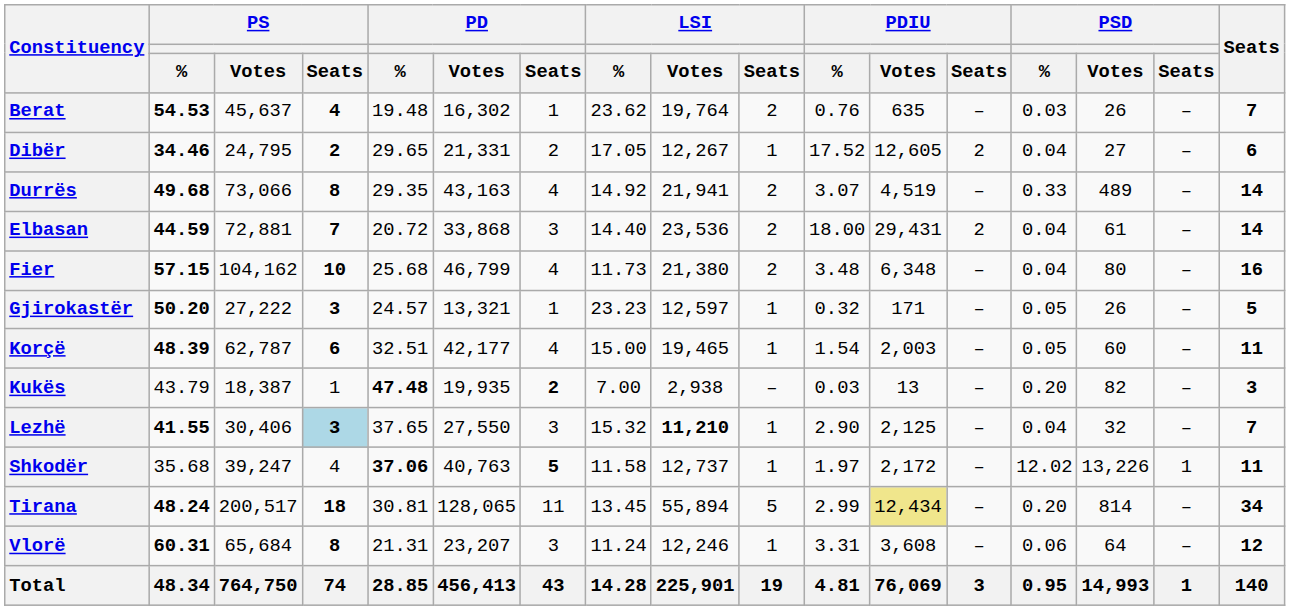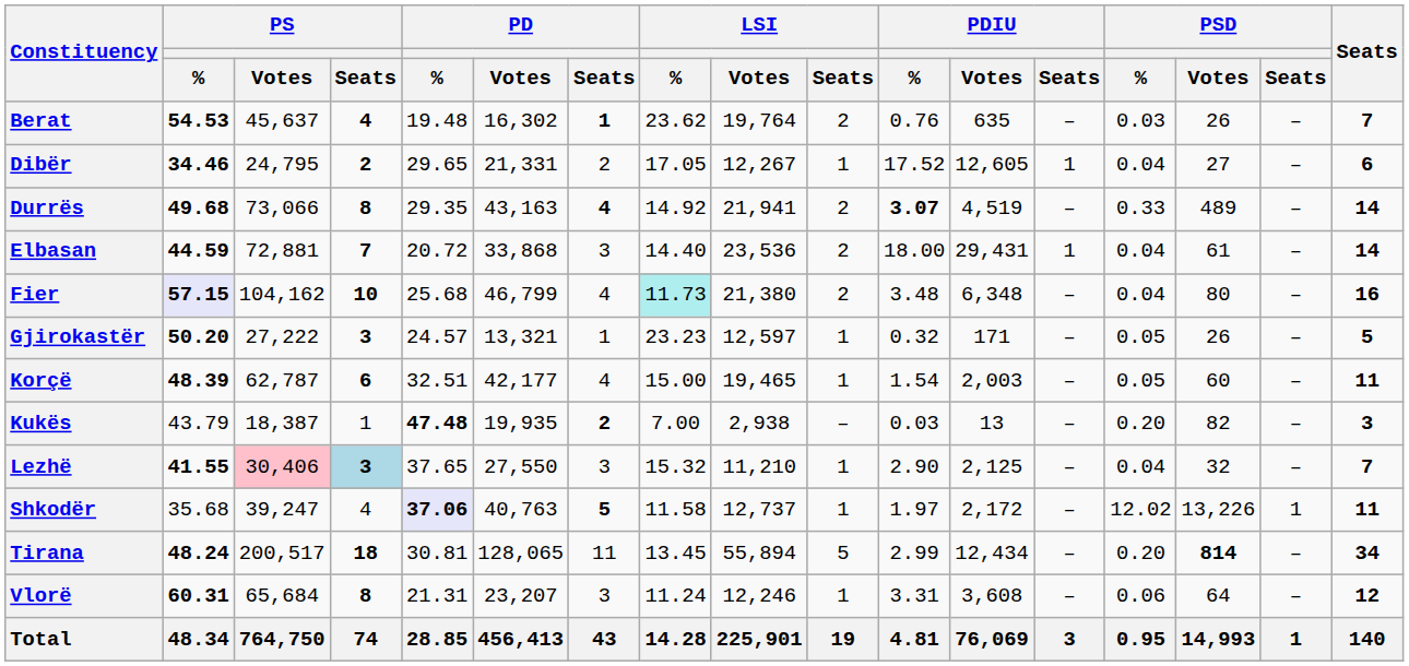 <table class="wikitable sortable" style="text-align:center; font-size:95%; line-height:20px">
 <tr>
 <th rowspan="3"><a href='#'>Constituency</a></th>
 <th colspan="3" width="30px" class="unsortable"><a href='#'>PS</a></th>
 <th colspan="3" width="30px" class="unsortable"><a href='#'>PD</a></th>
 <th colspan="3" width="30px" class="unsortable"><a href='#'>LSI</a></th>
 <th colspan="3" width="30px" class="unsortable"><a href='#'>PDIU</a></th>
 <th colspan="3" width="30px" class="unsortable"><a href='#'>PSD</a></th>
 <th rowspan="3">Seats</th>
 </tr>
 <tr>
 <th colspan="3" style="background:"></th>
 <th colspan="3" style="background:"></th>
 <th colspan="3" style="background:"></th>
 <th colspan="3" style="background:"></th>
 <th colspan="3" style="background:"></th>
 </tr>
 <tr>
 <th data-sort-type="number">%</th>
 <th data-sort-type="number">Votes</th>
 <th data-sort-type="number">Seats</th>
 <th data-sort-type="number">%</th>
 <th data-sort-type="number">Votes</th>
 <th data-sort-type="number">Seats</th>
 <th data-sort-type="number">%</th>
 <th data-sort-type="number">Votes</th>
 <th data-sort-type="number">Seats</th>
 <th data-sort-type="number">%</th>
 <th data-sort-type="number">Votes</th>
 <th data-sort-type="number">Seats</th>
 <th data-sort-type="number">%</th>
 <th data-sort-type="number">Votes</th>
 <th data-sort-type="number">Seats</th>
 </tr>
 <tr>
 <th style="text-align: left;"><a href='#'>Berat</a></th>
 <td><strong>54.53</strong></td>
 <td>45,637</td>
 <td><strong>4</strong></td>
 <td>19.48</td>
 <td>16,302</td>
-<td>1</td>
+<td><strong>1</strong></td>
 <td>23.62</td>
 <td>19,764</td>
 <td>2</td>
 <td>0.76</td>
 <td>635</td>
 <td>–</td>
 <td>0.03</td>
 <td>26</td>
 <td>–</td>
 <td><strong>7</strong></td>
 </tr>
 <tr>
 <th style="text-align: left;"><a href='#'>Dibër</a></th>
 <td><strong>34.46</strong></td>
 <td>24,795</td>
 <td><strong>2</strong></td>
 <td>29.65</td>
 <td>21,331</td>
 <td>2</td>
 <td>17.05</td>
 <td>12,267</td>
 <td>1</td>
 <td>17.52</td>
 <td>12,605</td>
-<td>2</td>
+<td>1</td>
 <td>0.04</td>
 <td>27</td>
 <td>–</td>
 <td><strong>6</strong></td>
 </tr>
 <tr>
 <th style="text-align: left;"><a href='#'>Durrës</a></th>
 <td><strong>49.68</strong></td>
 <td>73,066</td>
 <td><strong>8</strong></td>
 <td>29.35</td>
 <td>43,163</td>
-<td>4</td>
+<td><strong>4</strong></td>
 <td>14.92</td>
 <td>21,941</td>
 <td>2</td>
-<td>3.07</td>
+<td><strong>3.07</strong></td>
 <td>4,519</td>
 <td>–</td>
 <td>0.33</td>
 <td>489</td>
 <td>–</td>
 <td><strong>14</strong></td>
 </tr>
 <tr>
 <th style="text-align: left;"><a href='#'>Elbasan</a></th>
 <td><strong>44.59</strong></td>
 <td>72,881</td>
 <td><strong>7</strong></td>
 <td>20.72</td>
 <td>33,868</td>
 <td>3</td>
 <td>14.40</td>
 <td>23,536</td>
 <td>2</td>
 <td>18.00</td>
 <td>29,431</td>
-<td>2</td>
+<td>1</td>
 <td>0.04</td>
 <td>61</td>
 <td>–</td>
 <td><strong>14</strong></td>
 </tr>
 <tr>
 <th style="text-align: left;"><a href='#'>Fier</a></th>
-<td><strong>57.15</strong></td>
+<td style="background: lavender;"><strong>57.15</strong></td>
 <td>104,162</td>
 <td><strong>10</strong></td>
 <td>25.68</td>
 <td>46,799</td>
 <td>4</td>
-<td>11.73</td>
+<td style="background: paleturquoise;">11.73</td>
 <td>21,380</td>
 <td>2</td>
 <td>3.48</td>
 <td>6,348</td>
 <td>–</td>
 <td>0.04</td>
 <td>80</td>
 <td>–</td>
 <td><strong>16</strong></td>
 </tr>
 <tr>
 <th style="text-align: left;"><a href='#'>Gjirokastër</a></th>
 <td><strong>50.20</strong></td>
 <td>27,222</td>
 <td><strong>3</strong></td>
 <td>24.57</td>
 <td>13,321</td>
 <td>1</td>
 <td>23.23</td>
 <td>12,597</td>
 <td>1</td>
 <td>0.32</td>
 <td>171</td>
 <td>–</td>
 <td>0.05</td>
 <td>26</td>
 <td>–</td>
 <td><strong>5</strong></td>
 </tr>
 <tr>
 <th style="text-align: left;"><a href='#'>Korçë</a></th>
 <td><strong>48.39</strong></td>
 <td>62,787</td>
 <td><strong>6</strong></td>
 <td>32.51</td>
 <td>42,177</td>
 <td>4</td>
 <td>15.00</td>
 <td>19,465</td>
 <td>1</td>
 <td>1.54</td>
 <td>2,003</td>
 <td>–</td>
 <td>0.05</td>
 <td>60</td>
 <td>–</td>
 <td><strong>11</strong></td>
 </tr>
 <tr>
 <th style="text-align: left;"><a href='#'>Kukës</a></th>
 <td>43.79</td>
 <td>18,387</td>
 <td>1</td>
 <td><strong>47.48</strong></td>
 <td>19,935</td>
 <td><strong>2</strong></td>
 <td>7.00</td>
 <td>2,938</td>
 <td>–</td>
 <td>0.03</td>
 <td>13</td>
 <td>–</td>
 <td>0.20</td>
 <td>82</td>
 <td>–</td>
 <td><strong>3</strong></td>
 </tr>
 <tr>
 <th style="text-align: left;"><a href='#'>Lezhë</a></th>
 <td><strong>41.55</strong></td>
-<td>30,406</td>
+<td style="background: pink;">30,406</td>
 <td style="background: lightblue;"><strong>3</strong></td>
 <td>37.65</td>
 <td>27,550</td>
 <td>3</td>
 <td>15.32</td>
-<td><strong>11,210</strong></td>
+<td>11,210</td>
 <td>1</td>
 <td>2.90</td>
 <td>2,125</td>
 <td>–</td>
 <td>0.04</td>
 <td>32</td>
 <td>–</td>
 <td><strong>7</strong></td>
 </tr>
 <tr>
 <th style="text-align: left;"><a href='#'>Shkodër</a></th>
 <td>35.68</td>
 <td>39,247</td>
 <td>4</td>
-<td><strong>37.06</strong></td>
+<td style="background: lavender;"><strong>37.06</strong></td>
 <td>40,763</td>
 <td><strong>5</strong></td>
 <td>11.58</td>
 <td>12,737</td>
 <td>1</td>
 <td>1.97</td>
 <td>2,172</td>
 <td>–</td>
 <td>12.02</td>
 <td>13,226</td>
 <td>1</td>
 <td><strong>11</strong></td>
 </tr>
 <tr>
 <th style="text-align: left;"><a href='#'>Tirana</a></th>
 <td><strong>48.24</strong></td>
 <td>200,517</td>
 <td><strong>18</strong></td>
 <td>30.81</td>
 <td>128,065</td>
 <td>11</td>
 <td>13.45</td>
 <td>55,894</td>
 <td>5</td>
 <td>2.99</td>
-<td style="background: khaki;">12,434</td>
+<td>12,434</td>
 <td>–</td>
 <td>0.20</td>
-<td>814</td>
+<td><strong>814</strong></td>
 <td>–</td>
 <td><strong>34</strong></td>
 </tr>
 <tr>
 <th style="text-align: left;"><a href='#'>Vlorë</a></th>
 <td><strong>60.31</strong></td>
 <td>65,684</td>
 <td><strong>8</strong></td>
 <td>21.31</td>
 <td>23,207</td>
 <td>3</td>
 <td>11.24</td>
 <td>12,246</td>
 <td>1</td>
 <td>3.31</td>
 <td>3,608</td>
 <td>–</td>
 <td>0.06</td>
 <td>64</td>
 <td>–</td>
 <td><strong>12</strong></td>
 </tr>
 <tr class="sortbottom">
 <th style="text-align: left;">Total</th>
 <th>48.34</th>
 <th>764,750</th>
 <th>74</th>
 <th>28.85</th>
 <th>456,413</th>
 <th>43</th>
 <th>14.28</th>
 <th>225,901</th>
 <th>19</th>
 <th>4.81</th>
 <th>76,069</th>
 <th>3</th>
 <th>0.95</th>
 <th>14,993</th>
 <th>1</th>
 <th>140</th>
 </tr>
 </table>
